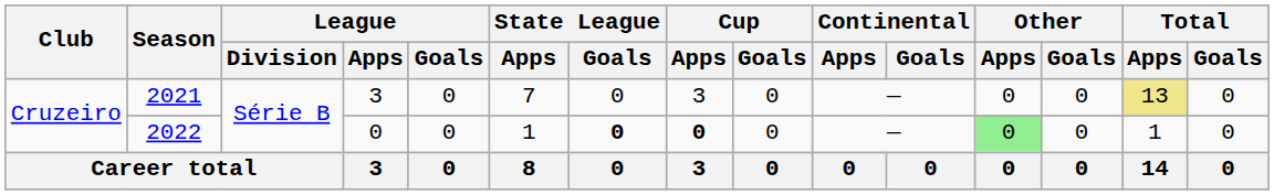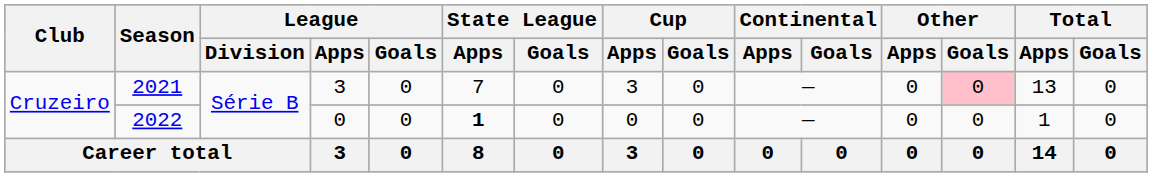 <table class="wikitable" style="text-align: center; font-size:96%">
 <tr>
 <th rowspan="2">Club</th>
 <th rowspan="2">Season</th>
 <th colspan="3">League</th>
 <th colspan="2">State League</th>
 <th colspan="2">Cup</th>
 <th colspan="2">Continental</th>
 <th colspan="2">Other</th>
 <th colspan="2">Total</th>
 </tr>
 <tr>
 <th>Division</th>
 <th>Apps</th>
 <th>Goals</th>
 <th>Apps</th>
 <th>Goals</th>
 <th>Apps</th>
 <th>Goals</th>
 <th>Apps</th>
 <th>Goals</th>
 <th>Apps</th>
 <th>Goals</th>
 <th>Apps</th>
 <th>Goals</th>
 </tr>
 <tr>
 <td rowspan="2"><a href='#'>Cruzeiro</a></td>
 <td><a href='#'>2021</a></td>
 <td rowspan="2"><a href='#'>Série B</a></td>
 <td>3</td>
 <td>0</td>
 <td>7</td>
 <td>0</td>
 <td>3</td>
 <td>0</td>
 <td colspan="2">—</td>
 <td>0</td>
-<td>0</td>
-<td style="background: khaki;">13</td>
+<td style="background: pink;">0</td>
+<td>13</td>
 <td>0</td>
 </tr>
 <tr>
 <td><a href='#'>2022</a></td>
 <td>0</td>
 <td>0</td>
-<td>1</td>
-<td><strong>0</strong></td>
-<td><strong>0</strong></td>
+<td><strong>1</strong></td>
+<td>0</td>
+<td>0</td>
 <td>0</td>
 <td colspan="2">—</td>
-<td style="background: lightgreen;">0</td>
+<td>0</td>
 <td>0</td>
 <td>1</td>
 <td>0</td>
 </tr>
 <tr>
 <th colspan="3"><strong>Career total</strong></th>
 <th>3</th>
 <th>0</th>
 <th>8</th>
 <th>0</th>
 <th>3</th>
 <th>0</th>
 <th>0</th>
 <th>0</th>
 <th>0</th>
 <th>0</th>
 <th>14</th>
 <th>0</th>
 </tr>
 </table>
